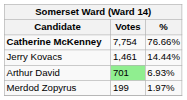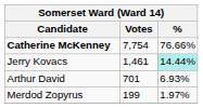 <table class="wikitable">
 <tr>
 <th colspan="3">Somerset Ward (Ward 14)</th>
 </tr>
 <tr>
 <th style="width: 170px">Candidate</th>
 <th style="width: 50px">Votes</th>
 <th style="width: 40px">%</th>
 </tr>
 <tr>
 <td><strong>Catherine McKenney</strong></td>
 <td>7,754</td>
 <td>76.66%</td>
 </tr>
 <tr>
 <td>Jerry Kovacs</td>
 <td>1,461</td>
-<td>14.44%</td>
+<td style="background: paleturquoise;">14.44%</td>
 </tr>
 <tr>
 <td>Arthur David</td>
-<td style="background: lightgreen;">701</td>
+<td>701</td>
 <td>6.93%</td>
 </tr>
 <tr>
 <td>Merdod Zopyrus</td>
 <td>199</td>
 <td>1.97%</td>
 </tr>
 <tr>
 </tr>
 </table>
